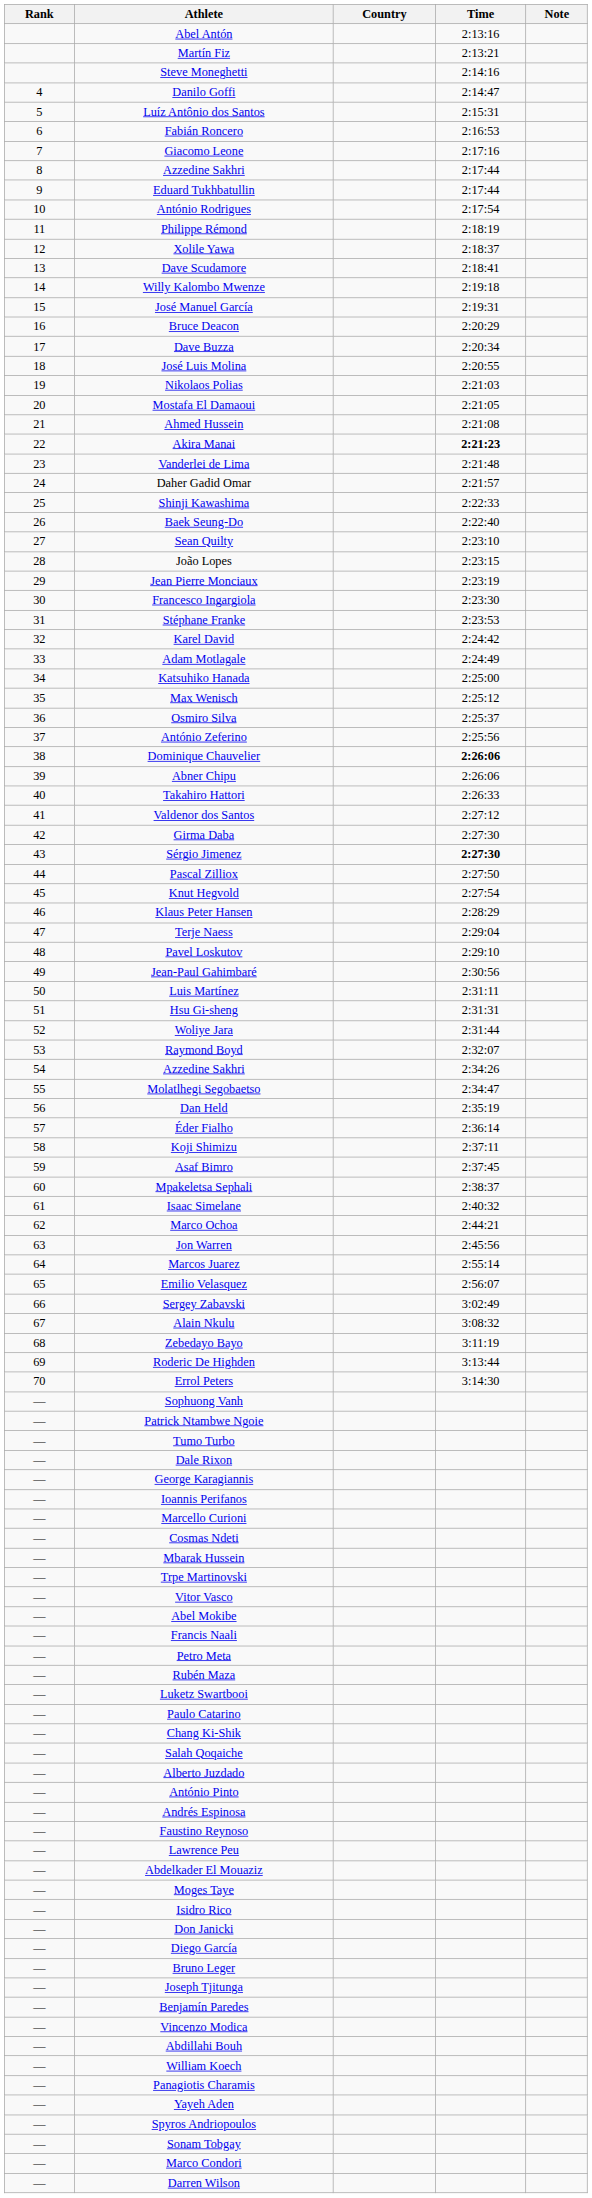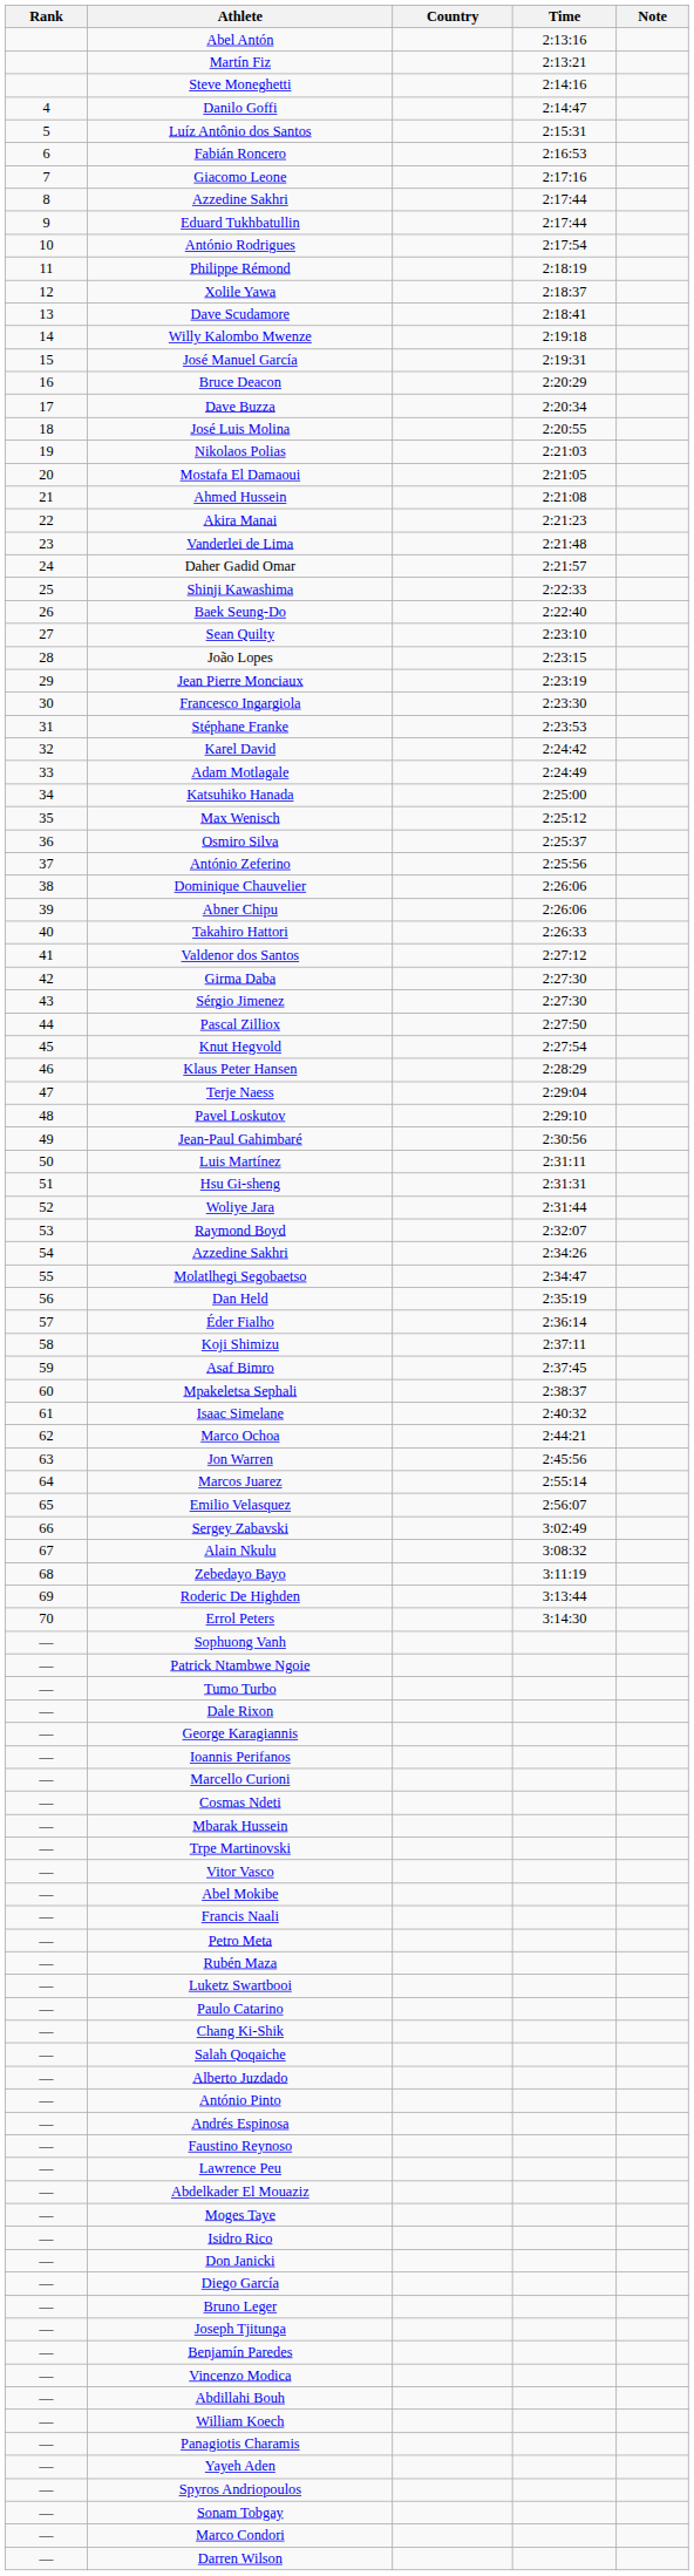 <table class="wikitable sortable" style=" text-align:center;" width="60%">
 <tr>
 <th>Rank</th>
 <th>Athlete</th>
 <th>Country</th>
 <th>Time</th>
 <th>Note</th>
 </tr>
 <tr>
 <td></td>
 <td><a href='#'>Abel Antón</a></td>
 <td align=left></td>
 <td>2:13:16</td>
 <td></td>
 </tr>
 <tr>
 <td></td>
 <td><a href='#'>Martín Fiz</a></td>
 <td align=left></td>
 <td>2:13:21</td>
 <td></td>
 </tr>
 <tr>
 <td></td>
 <td><a href='#'>Steve Moneghetti</a></td>
 <td align=left></td>
 <td>2:14:16</td>
 <td></td>
 </tr>
 <tr>
 <td>4</td>
 <td><a href='#'>Danilo Goffi</a></td>
 <td align=left></td>
 <td>2:14:47</td>
 <td></td>
 </tr>
 <tr>
 <td>5</td>
 <td><a href='#'>Luíz Antônio dos Santos</a></td>
 <td align=left></td>
 <td>2:15:31</td>
 <td></td>
 </tr>
 <tr>
 <td>6</td>
 <td><a href='#'>Fabián Roncero</a></td>
 <td align=left></td>
 <td>2:16:53</td>
 <td></td>
 </tr>
 <tr>
 <td>7</td>
 <td><a href='#'>Giacomo Leone</a></td>
 <td align=left></td>
 <td>2:17:16</td>
 <td></td>
 </tr>
 <tr>
 <td>8</td>
 <td><a href='#'>Azzedine Sakhri</a></td>
 <td align=left></td>
 <td>2:17:44</td>
 <td></td>
 </tr>
 <tr>
 <td>9</td>
 <td><a href='#'>Eduard Tukhbatullin</a></td>
 <td align=left></td>
 <td>2:17:44</td>
 <td></td>
 </tr>
 <tr>
 <td>10</td>
 <td><a href='#'>António Rodrigues</a></td>
 <td align=left></td>
 <td>2:17:54</td>
 <td></td>
 </tr>
 <tr>
 <td>11</td>
 <td><a href='#'>Philippe Rémond</a></td>
 <td align=left></td>
 <td>2:18:19</td>
 <td></td>
 </tr>
 <tr>
 <td>12</td>
 <td><a href='#'>Xolile Yawa</a></td>
 <td align=left></td>
 <td>2:18:37</td>
 <td></td>
 </tr>
 <tr>
 <td>13</td>
 <td><a href='#'>Dave Scudamore</a></td>
 <td align=left></td>
 <td>2:18:41</td>
 <td></td>
 </tr>
 <tr>
 <td>14</td>
 <td><a href='#'>Willy Kalombo Mwenze</a></td>
 <td align=left></td>
 <td>2:19:18</td>
 <td></td>
 </tr>
 <tr>
 <td>15</td>
 <td><a href='#'>José Manuel García</a></td>
 <td align=left></td>
 <td>2:19:31</td>
 <td></td>
 </tr>
 <tr>
 <td>16</td>
 <td><a href='#'>Bruce Deacon</a></td>
 <td align=left></td>
 <td>2:20:29</td>
 <td></td>
 </tr>
 <tr>
 <td>17</td>
 <td><a href='#'>Dave Buzza</a></td>
 <td align=left></td>
 <td>2:20:34</td>
 <td></td>
 </tr>
 <tr>
 <td>18</td>
 <td><a href='#'>José Luis Molina</a></td>
 <td align=left></td>
 <td>2:20:55</td>
 <td></td>
 </tr>
 <tr>
 <td>19</td>
 <td><a href='#'>Nikolaos Polias</a></td>
 <td align=left></td>
 <td>2:21:03</td>
 <td></td>
 </tr>
 <tr>
 <td>20</td>
 <td><a href='#'>Mostafa El Damaoui</a></td>
 <td align=left></td>
 <td>2:21:05</td>
 <td></td>
 </tr>
 <tr>
 <td>21</td>
 <td><a href='#'>Ahmed Hussein</a></td>
 <td align=left></td>
 <td>2:21:08</td>
 <td></td>
 </tr>
 <tr>
 <td>22</td>
 <td><a href='#'>Akira Manai</a></td>
 <td align=left></td>
-<td><strong>2:21:23</strong></td>
+<td>2:21:23</td>
 <td></td>
 </tr>
 <tr>
 <td>23</td>
 <td><a href='#'>Vanderlei de Lima</a></td>
 <td align=left></td>
 <td>2:21:48</td>
 <td></td>
 </tr>
 <tr>
 <td>24</td>
 <td>Daher Gadid Omar</td>
 <td align=left></td>
 <td>2:21:57</td>
 <td></td>
 </tr>
 <tr>
 <td>25</td>
 <td><a href='#'>Shinji Kawashima</a></td>
 <td align=left></td>
 <td>2:22:33</td>
 <td></td>
 </tr>
 <tr>
 <td>26</td>
 <td><a href='#'>Baek Seung-Do</a></td>
 <td align=left></td>
 <td>2:22:40</td>
 <td></td>
 </tr>
 <tr>
 <td>27</td>
 <td><a href='#'>Sean Quilty</a></td>
 <td align=left></td>
 <td>2:23:10</td>
 <td></td>
 </tr>
 <tr>
 <td>28</td>
 <td>João Lopes</td>
 <td align=left></td>
 <td>2:23:15</td>
 <td></td>
 </tr>
 <tr>
 <td>29</td>
 <td><a href='#'>Jean Pierre Monciaux</a></td>
 <td align=left></td>
 <td>2:23:19</td>
 <td></td>
 </tr>
 <tr>
 <td>30</td>
 <td><a href='#'>Francesco Ingargiola</a></td>
 <td align=left></td>
 <td>2:23:30</td>
 <td></td>
 </tr>
 <tr>
 <td>31</td>
 <td><a href='#'>Stéphane Franke</a></td>
 <td align=left></td>
 <td>2:23:53</td>
 <td></td>
 </tr>
 <tr>
 <td>32</td>
 <td><a href='#'>Karel David</a></td>
 <td align=left></td>
 <td>2:24:42</td>
 <td></td>
 </tr>
 <tr>
 <td>33</td>
 <td><a href='#'>Adam Motlagale</a></td>
 <td align=left></td>
 <td>2:24:49</td>
 <td></td>
 </tr>
 <tr>
 <td>34</td>
 <td><a href='#'>Katsuhiko Hanada</a></td>
 <td align=left></td>
 <td>2:25:00</td>
 <td></td>
 </tr>
 <tr>
 <td>35</td>
 <td><a href='#'>Max Wenisch</a></td>
 <td align=left></td>
 <td>2:25:12</td>
 <td></td>
 </tr>
 <tr>
 <td>36</td>
 <td><a href='#'>Osmiro Silva</a></td>
 <td align=left></td>
 <td>2:25:37</td>
 <td></td>
 </tr>
 <tr>
 <td>37</td>
 <td><a href='#'>António Zeferino</a></td>
 <td align=left></td>
 <td>2:25:56</td>
 <td></td>
 </tr>
 <tr>
 <td>38</td>
 <td><a href='#'>Dominique Chauvelier</a></td>
 <td align=left></td>
-<td><strong>2:26:06</strong></td>
+<td>2:26:06</td>
 <td></td>
 </tr>
 <tr>
 <td>39</td>
 <td><a href='#'>Abner Chipu</a></td>
 <td align=left></td>
 <td>2:26:06</td>
 <td></td>
 </tr>
 <tr>
 <td>40</td>
 <td><a href='#'>Takahiro Hattori</a></td>
 <td align=left></td>
 <td>2:26:33</td>
 <td></td>
 </tr>
 <tr>
 <td>41</td>
 <td><a href='#'>Valdenor dos Santos</a></td>
 <td align=left></td>
 <td>2:27:12</td>
 <td></td>
 </tr>
 <tr>
 <td>42</td>
 <td><a href='#'>Girma Daba</a></td>
 <td align=left></td>
 <td>2:27:30</td>
 <td></td>
 </tr>
 <tr>
 <td>43</td>
 <td><a href='#'>Sérgio Jimenez</a></td>
 <td align=left></td>
-<td><strong>2:27:30</strong></td>
+<td>2:27:30</td>
 <td></td>
 </tr>
 <tr>
 <td>44</td>
 <td><a href='#'>Pascal Zilliox</a></td>
 <td align=left></td>
 <td>2:27:50</td>
 <td></td>
 </tr>
 <tr>
 <td>45</td>
 <td><a href='#'>Knut Hegvold</a></td>
 <td align=left></td>
 <td>2:27:54</td>
 <td></td>
 </tr>
 <tr>
 <td>46</td>
 <td><a href='#'>Klaus Peter Hansen</a></td>
 <td align=left></td>
 <td>2:28:29</td>
 <td></td>
 </tr>
 <tr>
 <td>47</td>
 <td><a href='#'>Terje Naess</a></td>
 <td align=left></td>
 <td>2:29:04</td>
 <td></td>
 </tr>
 <tr>
 <td>48</td>
 <td><a href='#'>Pavel Loskutov</a></td>
 <td align=left></td>
 <td>2:29:10</td>
 <td></td>
 </tr>
 <tr>
 <td>49</td>
 <td><a href='#'>Jean-Paul Gahimbaré</a></td>
 <td align=left></td>
 <td>2:30:56</td>
 <td></td>
 </tr>
 <tr>
 <td>50</td>
 <td><a href='#'>Luis Martínez</a></td>
 <td align=left></td>
 <td>2:31:11</td>
 <td></td>
 </tr>
 <tr>
 <td>51</td>
 <td><a href='#'>Hsu Gi-sheng</a></td>
 <td align=left></td>
 <td>2:31:31</td>
 <td></td>
 </tr>
 <tr>
 <td>52</td>
 <td><a href='#'>Woliye Jara</a></td>
 <td align=left></td>
 <td>2:31:44</td>
 <td></td>
 </tr>
 <tr>
 <td>53</td>
 <td><a href='#'>Raymond Boyd</a></td>
 <td align=left></td>
 <td>2:32:07</td>
 <td></td>
 </tr>
 <tr>
 <td>54</td>
 <td><a href='#'>Azzedine Sakhri</a></td>
 <td align=left></td>
 <td>2:34:26</td>
 <td></td>
 </tr>
 <tr>
 <td>55</td>
 <td><a href='#'>Molatlhegi Segobaetso</a></td>
 <td align=left></td>
 <td>2:34:47</td>
 <td></td>
 </tr>
 <tr>
 <td>56</td>
 <td><a href='#'>Dan Held</a></td>
 <td align=left></td>
 <td>2:35:19</td>
 <td></td>
 </tr>
 <tr>
 <td>57</td>
 <td><a href='#'>Éder Fialho</a></td>
 <td align=left></td>
 <td>2:36:14</td>
 <td></td>
 </tr>
 <tr>
 <td>58</td>
 <td><a href='#'>Koji Shimizu</a></td>
 <td align=left></td>
 <td>2:37:11</td>
 <td></td>
 </tr>
 <tr>
 <td>59</td>
 <td><a href='#'>Asaf Bimro</a></td>
 <td align=left></td>
 <td>2:37:45</td>
 <td></td>
 </tr>
 <tr>
 <td>60</td>
 <td><a href='#'>Mpakeletsa Sephali</a></td>
 <td align=left></td>
 <td>2:38:37</td>
 <td></td>
 </tr>
 <tr>
 <td>61</td>
 <td><a href='#'>Isaac Simelane</a></td>
 <td align=left></td>
 <td>2:40:32</td>
 <td></td>
 </tr>
 <tr>
 <td>62</td>
 <td><a href='#'>Marco Ochoa</a></td>
 <td align=left></td>
 <td>2:44:21</td>
 <td></td>
 </tr>
 <tr>
 <td>63</td>
 <td><a href='#'>Jon Warren</a></td>
 <td align=left></td>
 <td>2:45:56</td>
 <td></td>
 </tr>
 <tr>
 <td>64</td>
 <td><a href='#'>Marcos Juarez</a></td>
 <td align=left></td>
 <td>2:55:14</td>
 <td></td>
 </tr>
 <tr>
 <td>65</td>
 <td><a href='#'>Emilio Velasquez</a></td>
 <td align=left></td>
 <td>2:56:07</td>
 <td></td>
 </tr>
 <tr>
 <td>66</td>
 <td><a href='#'>Sergey Zabavski</a></td>
 <td align=left></td>
 <td>3:02:49</td>
 <td></td>
 </tr>
 <tr>
 <td>67</td>
 <td><a href='#'>Alain Nkulu</a></td>
 <td align=left></td>
 <td>3:08:32</td>
 <td></td>
 </tr>
 <tr>
 <td>68</td>
 <td><a href='#'>Zebedayo Bayo</a></td>
 <td align=left></td>
 <td>3:11:19</td>
 <td></td>
 </tr>
 <tr>
 <td>69</td>
 <td><a href='#'>Roderic De Highden</a></td>
 <td align=left></td>
 <td>3:13:44</td>
 <td></td>
 </tr>
 <tr>
 <td>70</td>
 <td><a href='#'>Errol Peters</a></td>
 <td align=left></td>
 <td>3:14:30</td>
 <td></td>
 </tr>
 <tr>
 <td>—</td>
 <td><a href='#'>Sophuong Vanh</a></td>
 <td align=left></td>
 <td></td>
 <td></td>
 </tr>
 <tr>
 <td>—</td>
 <td><a href='#'>Patrick Ntambwe Ngoie</a></td>
 <td align=left></td>
 <td></td>
 <td></td>
 </tr>
 <tr>
 <td>—</td>
 <td><a href='#'>Tumo Turbo</a></td>
 <td align=left></td>
 <td></td>
 <td></td>
 </tr>
 <tr>
 <td>—</td>
 <td><a href='#'>Dale Rixon</a></td>
 <td align=left></td>
 <td></td>
 <td></td>
 </tr>
 <tr>
 <td>—</td>
 <td><a href='#'>George Karagiannis</a></td>
 <td align=left></td>
 <td></td>
 <td></td>
 </tr>
 <tr>
 <td>—</td>
 <td><a href='#'>Ioannis Perifanos</a></td>
 <td align=left></td>
 <td></td>
 <td></td>
 </tr>
 <tr>
 <td>—</td>
 <td><a href='#'>Marcello Curioni</a></td>
 <td align=left></td>
 <td></td>
 <td></td>
 </tr>
 <tr>
 <td>—</td>
 <td><a href='#'>Cosmas Ndeti</a></td>
 <td align=left></td>
 <td></td>
 <td></td>
 </tr>
 <tr>
 <td>—</td>
 <td><a href='#'>Mbarak Hussein</a></td>
 <td align=left></td>
 <td></td>
 <td></td>
 </tr>
 <tr>
 <td>—</td>
 <td><a href='#'>Trpe Martinovski</a></td>
 <td align=left></td>
 <td></td>
 <td></td>
 </tr>
 <tr>
 <td>—</td>
 <td><a href='#'>Vitor Vasco</a></td>
 <td align=left></td>
 <td></td>
 <td></td>
 </tr>
 <tr>
 <td>—</td>
 <td><a href='#'>Abel Mokibe</a></td>
 <td align=left></td>
 <td></td>
 <td></td>
 </tr>
 <tr>
 <td>—</td>
 <td><a href='#'>Francis Naali</a></td>
 <td align=left></td>
 <td></td>
 <td></td>
 </tr>
 <tr>
 <td>—</td>
 <td><a href='#'>Petro Meta</a></td>
 <td align=left></td>
 <td></td>
 <td></td>
 </tr>
 <tr>
 <td>—</td>
 <td><a href='#'>Rubén Maza</a></td>
 <td align=left></td>
 <td></td>
 <td></td>
 </tr>
 <tr>
 <td>—</td>
 <td><a href='#'>Luketz Swartbooi</a></td>
 <td align=left></td>
 <td></td>
 <td></td>
 </tr>
 <tr>
 <td>—</td>
 <td><a href='#'>Paulo Catarino</a></td>
 <td align=left></td>
 <td></td>
 <td></td>
 </tr>
 <tr>
 <td>—</td>
 <td><a href='#'>Chang Ki-Shik</a></td>
 <td align=left></td>
 <td></td>
 <td></td>
 </tr>
 <tr>
 <td>—</td>
 <td><a href='#'>Salah Qoqaiche</a></td>
 <td align=left></td>
 <td></td>
 <td></td>
 </tr>
 <tr>
 <td>—</td>
 <td><a href='#'>Alberto Juzdado</a></td>
 <td align=left></td>
 <td></td>
 <td></td>
 </tr>
 <tr>
 <td>—</td>
 <td><a href='#'>António Pinto</a></td>
 <td align=left></td>
 <td></td>
 <td></td>
 </tr>
 <tr>
 <td>—</td>
 <td><a href='#'>Andrés Espinosa</a></td>
 <td align=left></td>
 <td></td>
 <td></td>
 </tr>
 <tr>
 <td>—</td>
 <td><a href='#'>Faustino Reynoso</a></td>
 <td align=left></td>
 <td></td>
 <td></td>
 </tr>
 <tr>
 <td>—</td>
 <td><a href='#'>Lawrence Peu</a></td>
 <td align=left></td>
 <td></td>
 <td></td>
 </tr>
 <tr>
 <td>—</td>
 <td><a href='#'>Abdelkader El Mouaziz</a></td>
 <td align=left></td>
 <td></td>
 <td></td>
 </tr>
 <tr>
 <td>—</td>
 <td><a href='#'>Moges Taye</a></td>
 <td align=left></td>
 <td></td>
 <td></td>
 </tr>
 <tr>
 <td>—</td>
 <td><a href='#'>Isidro Rico</a></td>
 <td align=left></td>
 <td></td>
 <td></td>
 </tr>
 <tr>
 <td>—</td>
 <td><a href='#'>Don Janicki</a></td>
 <td align=left></td>
 <td></td>
 <td></td>
 </tr>
 <tr>
 <td>—</td>
 <td><a href='#'>Diego García</a></td>
 <td align=left></td>
 <td></td>
 <td></td>
 </tr>
 <tr>
 <td>—</td>
 <td><a href='#'>Bruno Leger</a></td>
 <td align=left></td>
 <td></td>
 <td></td>
 </tr>
 <tr>
 <td>—</td>
 <td><a href='#'>Joseph Tjitunga</a></td>
 <td align=left></td>
 <td></td>
 <td></td>
 </tr>
 <tr>
 <td>—</td>
 <td><a href='#'>Benjamín Paredes</a></td>
 <td align=left></td>
 <td></td>
 <td></td>
 </tr>
 <tr>
 <td>—</td>
 <td><a href='#'>Vincenzo Modica</a></td>
 <td align=left></td>
 <td></td>
 <td></td>
 </tr>
 <tr>
 <td>—</td>
 <td><a href='#'>Abdillahi Bouh</a></td>
 <td align=left></td>
 <td></td>
 <td></td>
 </tr>
 <tr>
 <td>—</td>
 <td><a href='#'>William Koech</a></td>
 <td align=left></td>
 <td></td>
 <td></td>
 </tr>
 <tr>
 <td>—</td>
 <td><a href='#'>Panagiotis Charamis</a></td>
 <td align=left></td>
 <td></td>
 <td></td>
 </tr>
 <tr>
 <td>—</td>
 <td><a href='#'>Yayeh Aden</a></td>
 <td align=left></td>
 <td></td>
 <td></td>
 </tr>
 <tr>
 <td>—</td>
 <td><a href='#'>Spyros Andriopoulos</a></td>
 <td align=left></td>
 <td></td>
 <td></td>
 </tr>
 <tr>
 <td>—</td>
 <td><a href='#'>Sonam Tobgay</a></td>
 <td align=left></td>
 <td></td>
 <td></td>
 </tr>
 <tr>
 <td>—</td>
 <td><a href='#'>Marco Condori</a></td>
 <td align=left></td>
 <td></td>
 <td></td>
 </tr>
 <tr>
 <td>—</td>
 <td><a href='#'>Darren Wilson</a></td>
 <td align=left></td>
 <td></td>
 <td></td>
 </tr>
 </table>
